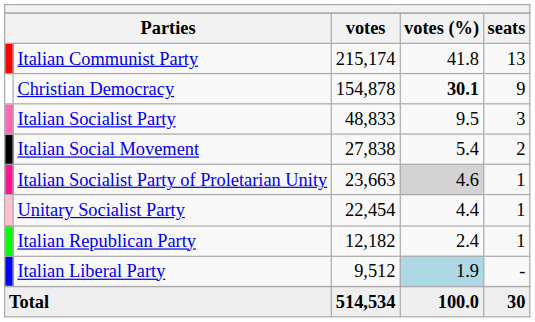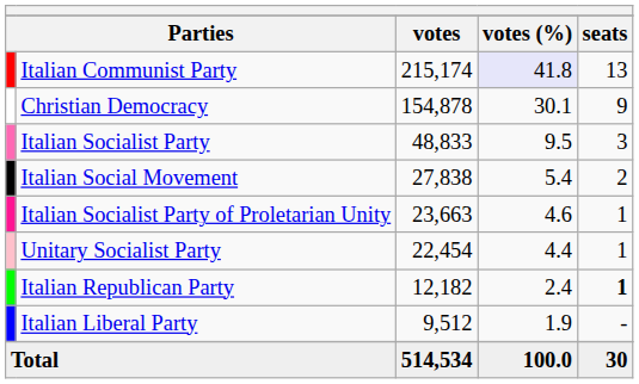 <table class="wikitable" style="font-size:95%">
 <tr>
 <th colspan=5></th>
 </tr>
 <tr>
 </tr>
 <tr bgcolor="EFEFEF">
 <th colspan=2>Parties</th>
 <th>votes</th>
 <th>votes (%)</th>
 <th>seats</th>
 </tr>
 <tr>
 <td bgcolor=red></td>
 <td><a href='#'>Italian Communist Party</a></td>
 <td align=right>215,174</td>
-<td align=right>41.8</td>
+<td align=right style="background: lavender;">41.8</td>
 <td align=right>13</td>
 </tr>
 <tr>
 <td bgcolor=white></td>
 <td><a href='#'>Christian Democracy</a></td>
 <td align=right>154,878</td>
-<td align=right><strong>30.1</strong></td>
+<td align=right>30.1</td>
 <td align=right>9</td>
 </tr>
 <tr>
 <td bgcolor=hotpink></td>
 <td><a href='#'>Italian Socialist Party</a></td>
 <td align=right>48,833</td>
 <td align=right>9.5</td>
 <td align=right>3</td>
 </tr>
 <tr>
 <td bgcolor=black></td>
 <td><a href='#'>Italian Social Movement</a></td>
 <td align=right>27,838</td>
 <td align=right>5.4</td>
 <td align=right>2</td>
 </tr>
 <tr>
 <td bgcolor=deeppink></td>
 <td><a href='#'>Italian Socialist Party of Proletarian Unity</a></td>
 <td align=right>23,663</td>
-<td align=right style="background: lightgrey;">4.6</td>
+<td align=right>4.6</td>
 <td align=right>1</td>
 </tr>
 <tr>
 <td bgcolor=pink></td>
 <td><a href='#'>Unitary Socialist Party</a></td>
 <td align=right>22,454</td>
 <td align=right>4.4</td>
 <td align=right>1</td>
 </tr>
 <tr>
 <td bgcolor=lime></td>
 <td><a href='#'>Italian Republican Party</a></td>
 <td align=right>12,182</td>
 <td align=right>2.4</td>
-<td align=right>1</td>
+<td align=right><strong>1</strong></td>
 </tr>
 <tr>
 <td bgcolor=Blue></td>
 <td><a href='#'>Italian Liberal Party</a></td>
 <td align=right>9,512</td>
-<td align=right style="background: lightblue;">1.9</td>
+<td align=right>1.9</td>
 <td align=right>-</td>
 </tr>
 <tr>
 </tr>
 <tr bgcolor="EFEFEF">
 <td colspan=2><strong>Total</strong></td>
 <td align=right><strong>514,534</strong></td>
 <td align=right><strong>100.0</strong></td>
 <td align=right><strong>30</strong></td>
 </tr>
 </table>
